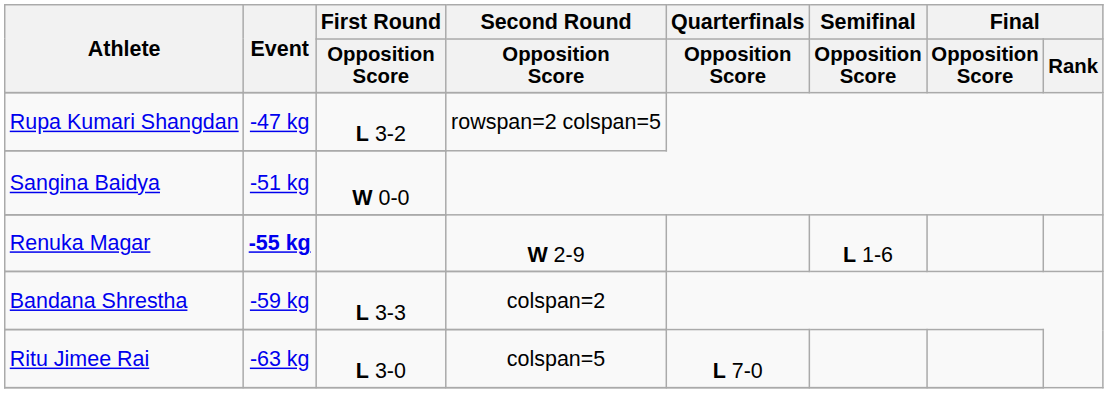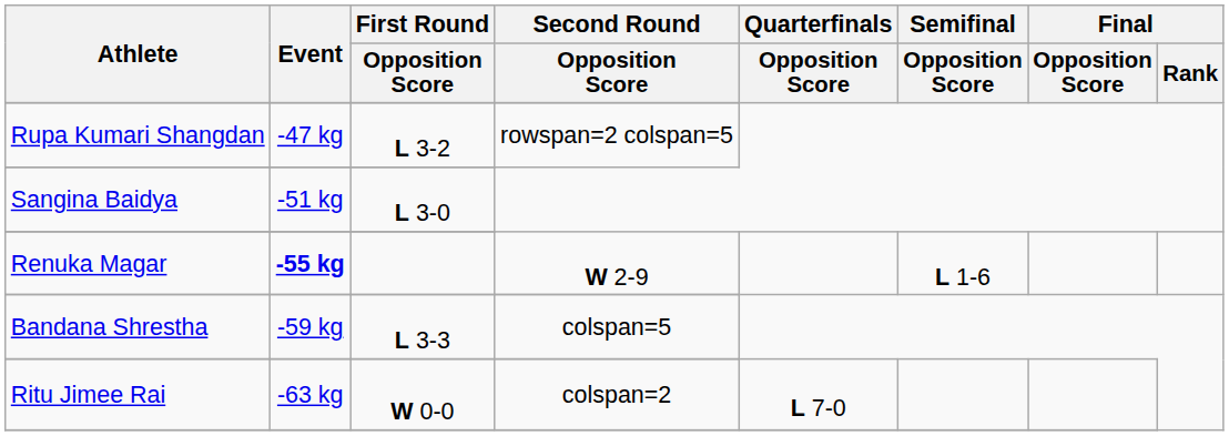 <table class=wikitable style=font-size:90%;text-align:center>
 <tr>
 <th rowspan=2>Athlete</th>
 <th rowspan=2>Event</th>
 <th>First Round</th>
 <th>Second Round</th>
 <th>Quarterfinals</th>
 <th>Semifinal</th>
 <th colspan=2>Final</th>
 </tr>
 <tr style=font-size:95%>
 <th>Opposition<br>Score</th>
 <th>Opposition<br>Score</th>
 <th>Opposition<br>Score</th>
 <th>Opposition<br>Score</th>
 <th>Opposition<br>Score</th>
 <th>Rank</th>
 </tr>
 <tr>
 </tr>
 <tr align=center>
 <td align=left><a href='#'>Rupa Kumari Shangdan</a></td>
 <td><a href='#'>-47 kg</a></td>
 <td align=center> <br> <strong>L</strong> 3-2</td>
 <td>rowspan=2 colspan=5 </td>
 </tr>
 <tr>
 </tr>
 <tr align=center>
 <td align=left><a href='#'>Sangina Baidya</a></td>
 <td><a href='#'>-51 kg</a></td>
-<td align=center> <br> <strong>W</strong> 0-0<sup><strong></strong></sup></td>
+<td align=center> <br> <strong>L</strong> 3-0</td>
 </tr>
 <tr>
 </tr>
 <tr align=center>
 <td align=left><a href='#'>Renuka Magar</a></td>
 <td><strong><a href='#'>-55 kg</a></strong></td>
 <td></td>
 <td align=center> <br> <strong>W</strong> 2-9</td>
 <td></td>
 <td align=center> <br> <strong>L</strong> 1-6</td>
 <td></td>
 <td></td>
 </tr>
 <tr>
 </tr>
 <tr align=center>
 <td align=left><a href='#'>Bandana Shrestha</a></td>
 <td><a href='#'>-59 kg</a></td>
 <td align=center> <br> <strong>L</strong> 3-3</td>
-<td>colspan=2 </td>
+<td>colspan=5 </td>
 </tr>
 <tr>
 </tr>
 <tr align=center>
 <td align=left><a href='#'>Ritu Jimee Rai</a></td>
 <td><a href='#'>-63 kg</a></td>
-<td align=center> <br> <strong>L</strong> 3-0</td>
-<td>colspan=5 </td>
+<td align=center> <br> <strong>W</strong> 0-0<sup><strong></strong></sup></td>
+<td>colspan=2 </td>
 <td align=center> <br> <strong>L</strong> 7-0</td>
 <td></td>
 <td></td>
 </tr>
 <tr>
 </tr>
 </table>
